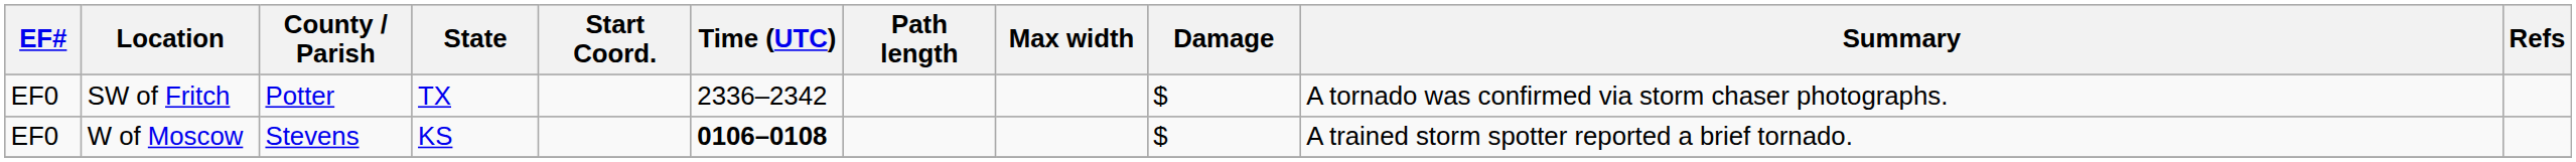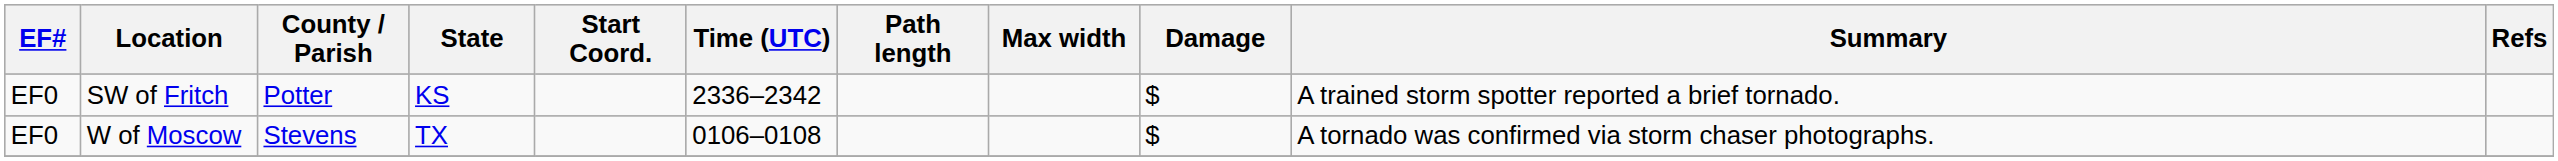 <table class="wikitable sortable" style="width:100%;">
 <tr>
 <th scope="col" width="3%" align="center"><a href='#'>EF#</a></th>
 <th scope="col" width="7%" align="center" class="unsortable">Location</th>
 <th scope="col" width="6%" align="center" class="unsortable">County / Parish</th>
 <th scope="col" width="5%" align="center">State</th>
 <th scope="col" width="6%" align="center">Start Coord.</th>
 <th scope="col" width="6%" align="center">Time (<a href='#'>UTC</a>)</th>
 <th scope="col" width="6%" align="center">Path length</th>
 <th scope="col" width="6%" align="center">Max width</th>
 <th scope="col" width="6%" align="center">Damage</th>
 <th scope="col" width="48%" class="unsortable" align="center">Summary</th>
 <th scope="col" width="48%" class="unsortable" align="center">Refs</th>
 </tr>
 <tr>
 <td>EF0</td>
 <td>SW of <a href='#'>Fritch</a></td>
 <td><a href='#'>Potter</a></td>
+<td><a href='#'>KS</a></td>
+<td></td>
+<td>2336–2342</td>
+<td></td>
+<td></td>
+<td>$</td>
+<td>A trained storm spotter reported a brief tornado.</td>
+<td></td>
+</tr>
+<tr>
+<td>EF0</td>
+<td>W of <a href='#'>Moscow</a></td>
+<td><a href='#'>Stevens</a></td>
 <td><a href='#'>TX</a></td>
 <td></td>
-<td>2336–2342</td>
+<td>0106–0108</td>
 <td></td>
 <td></td>
 <td>$</td>
 <td>A tornado was confirmed via storm chaser photographs.</td>
 <td></td>
 </tr>
 <tr>
-<td>EF0</td>
-<td>W of <a href='#'>Moscow</a></td>
-<td><a href='#'>Stevens</a></td>
-<td><a href='#'>KS</a></td>
-<td></td>
-<td><strong>0106–0108</strong></td>
-<td></td>
-<td></td>
-<td>$</td>
-<td>A trained storm spotter reported a brief tornado.</td>
-<td></td>
-</tr>
-<tr>
 </tr>
 </table>
